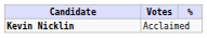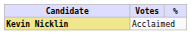 <table class="wikitable">
 <tr>
 <th style="background:#ddf; width:200px;">Candidate</th>
 <th style="background:#ddf; width:50px;">Votes</th>
 <th style="background:#ddf; width:30px;">%</th>
 </tr>
 <tr>
-<td><strong>Kevin Nicklin</strong></td>
+<td style="background: khaki;"><strong>Kevin Nicklin</strong></td>
 <td colspan="2">Acclaimed</td>
 </tr>
 </table>
